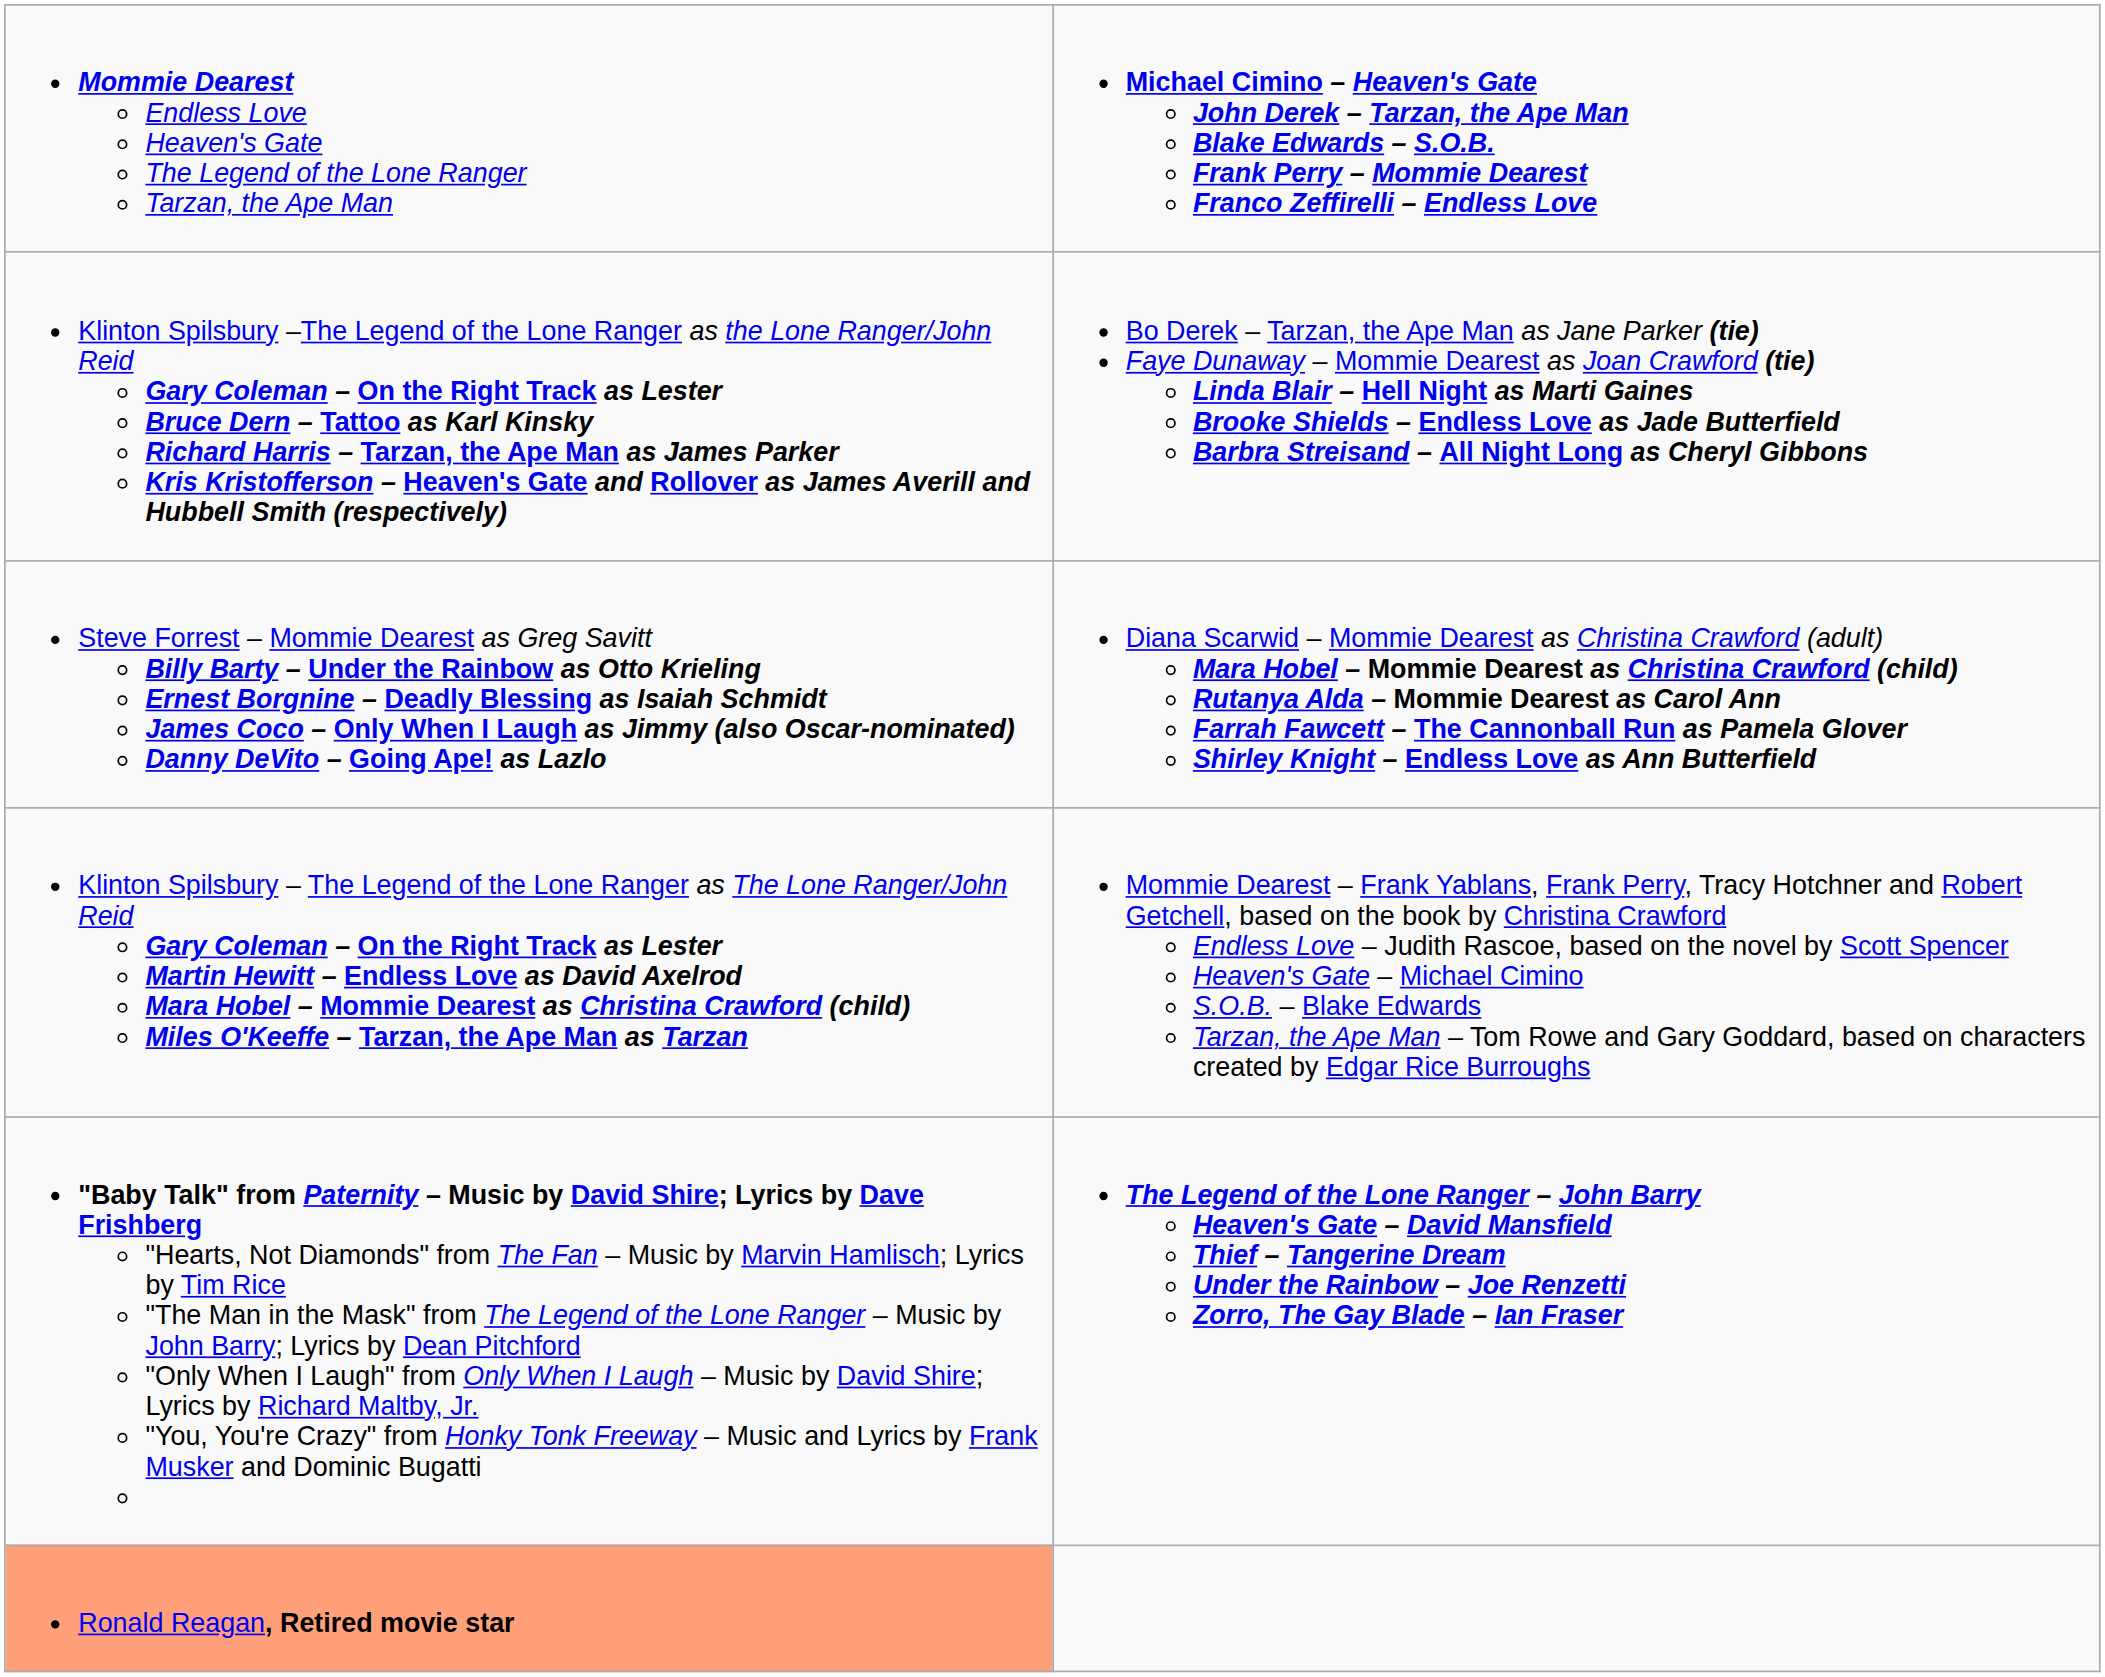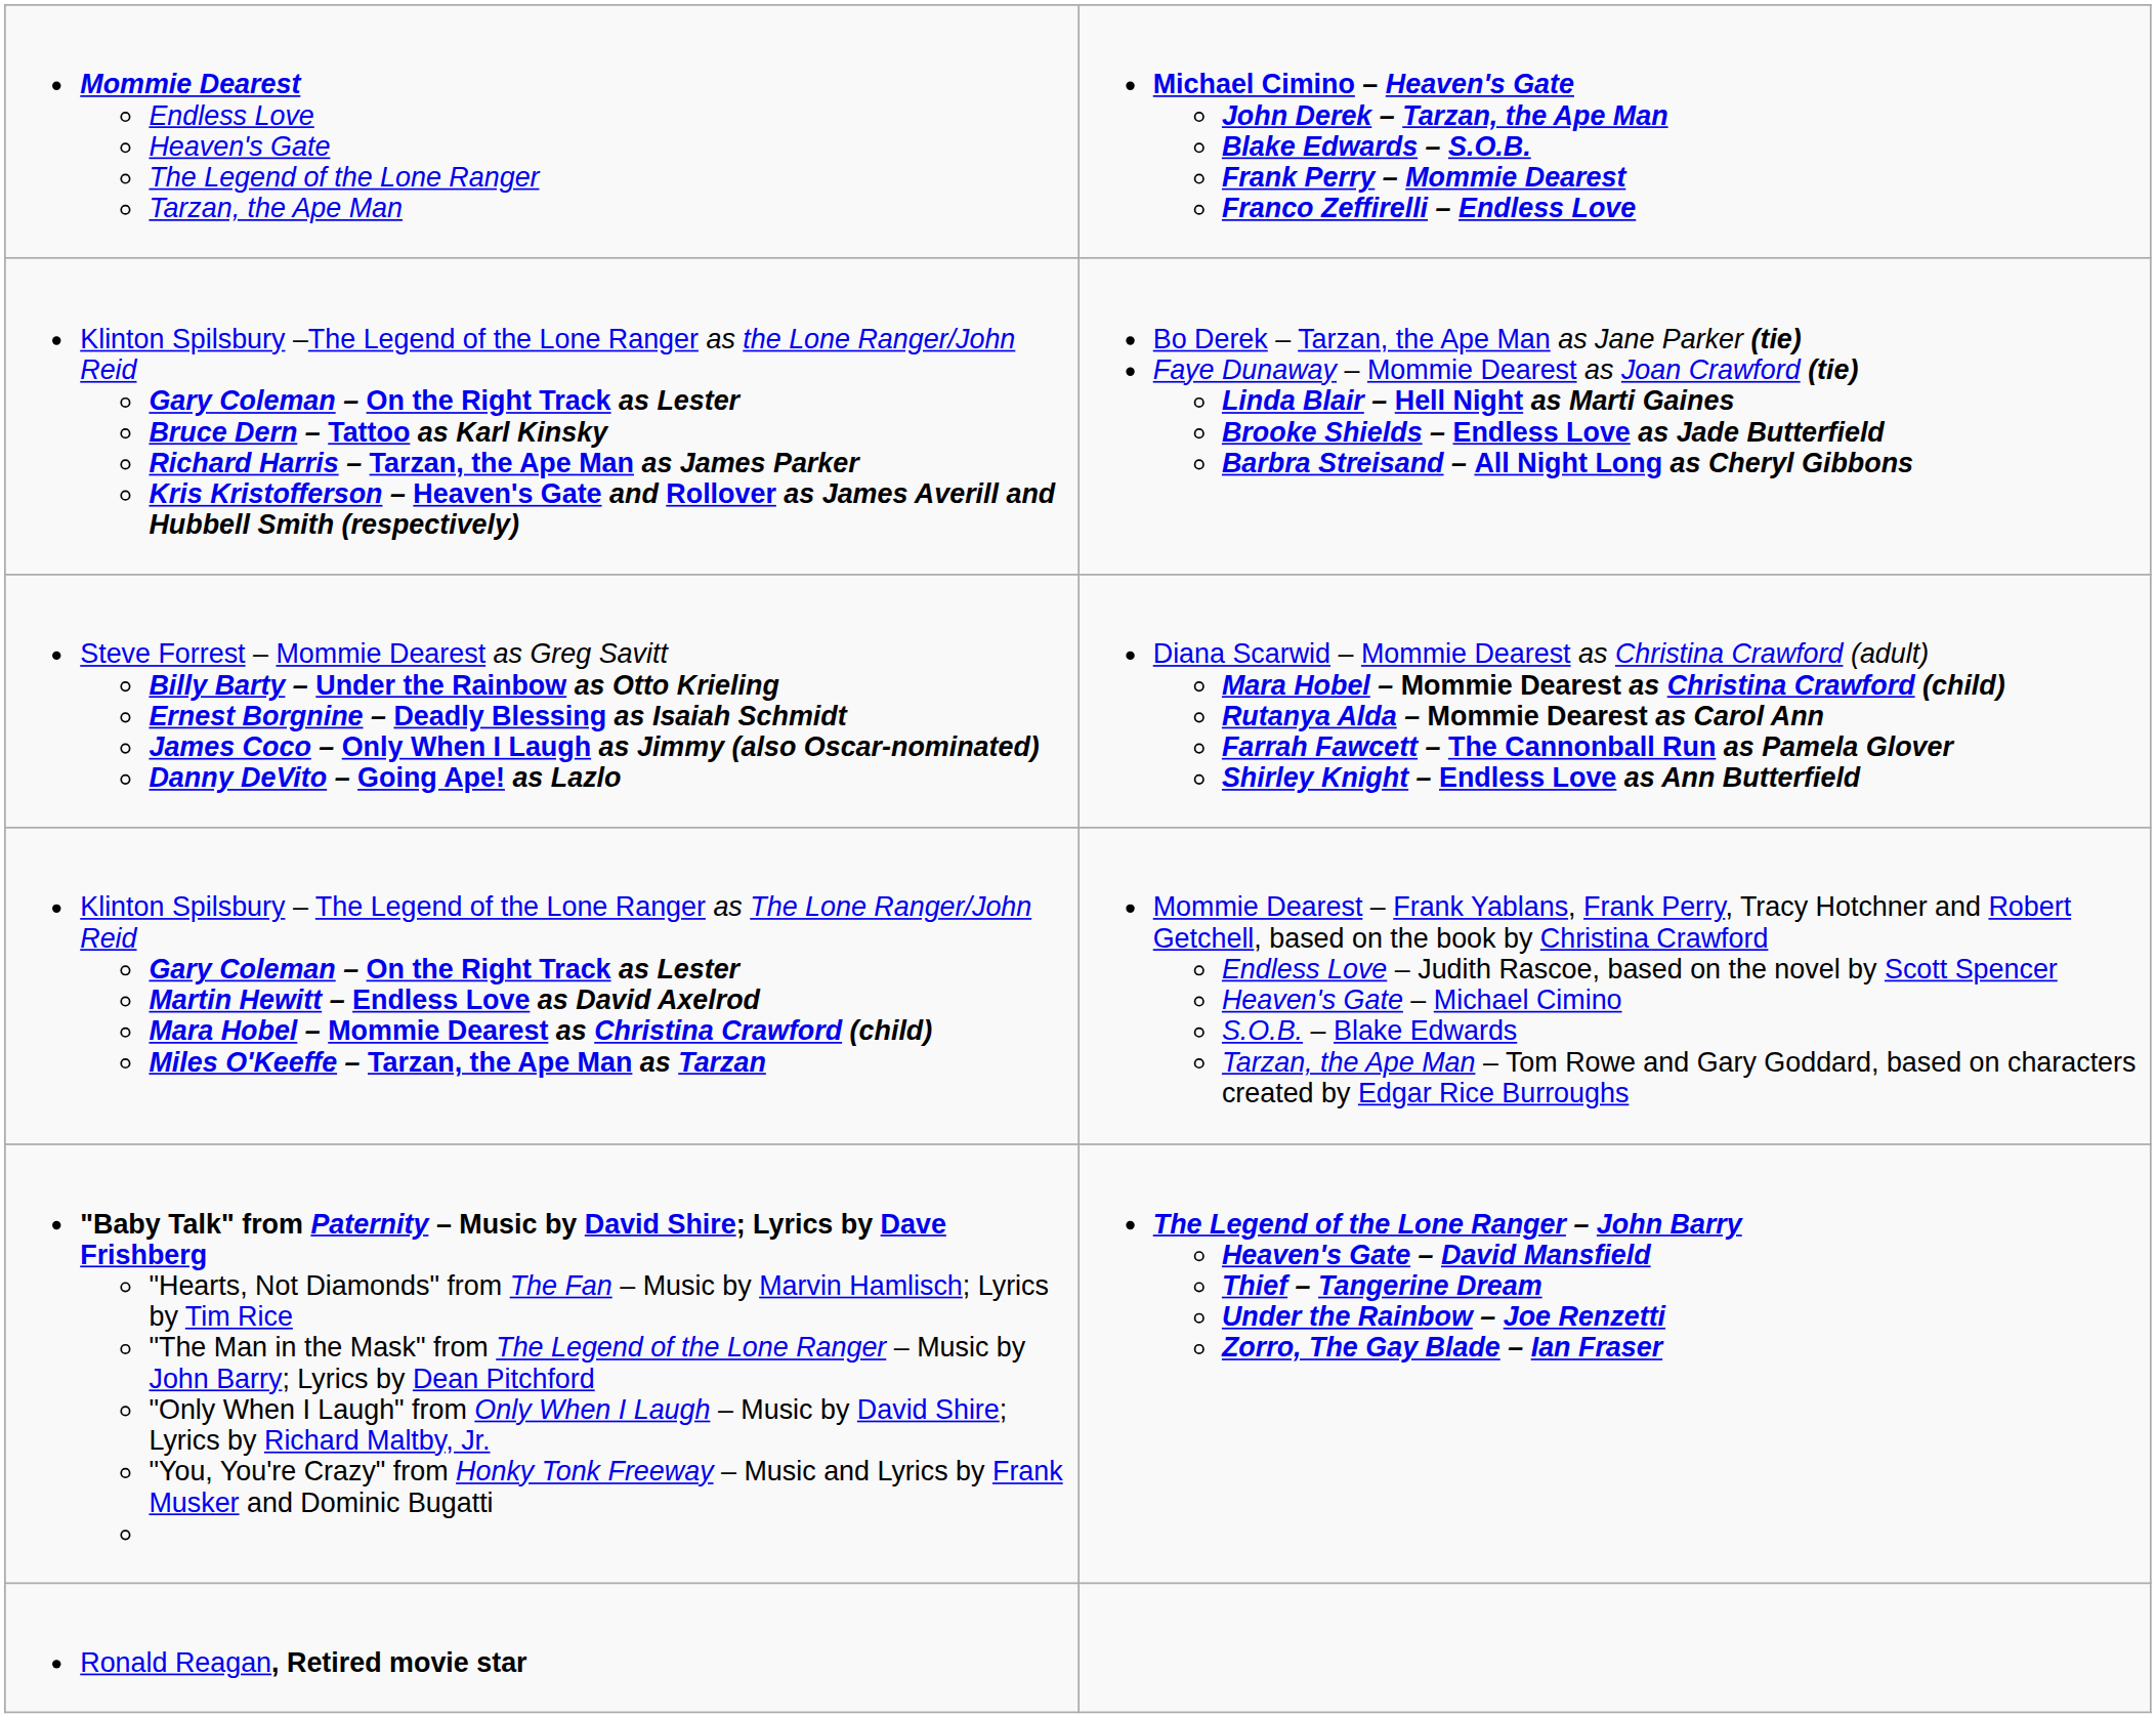 <table class=wikitable>
 <tr>
 <td valign="top" width="50%"><br><ul><li><strong><em><a href='#'>Mommie Dearest</a></em></strong><ul><li><em><a href='#'>Endless Love</a></em></li><li><em><a href='#'>Heaven's Gate</a></em></li><li><em><a href='#'>The Legend of the Lone Ranger</a></em></li><li><em><a href='#'>Tarzan, the Ape Man</a></em></li></ul></li></ul></td>
 <td valign="top" width="50%"><br><ul><li><strong><a href='#'>Michael Cimino</a> – <em><a href='#'>Heaven's Gate</a><strong><em><ul><li><a href='#'>John Derek</a> – </em><a href='#'>Tarzan, the Ape Man</a><em></li><li><a href='#'>Blake Edwards</a> – </em><a href='#'>S.O.B.</a><em></li><li><a href='#'>Frank Perry</a> – </em><a href='#'>Mommie Dearest</a><em></li><li><a href='#'>Franco Zeffirelli</a> – </em><a href='#'>Endless Love</a><em></li></ul></li></ul></td>
 </tr>
 <tr>
 <td valign="top" width="50%"><br><ul><li></strong><a href='#'>Klinton Spilsbury</a> –</em><a href='#'>The Legend of the Lone Ranger</a><em> as <a href='#'>the Lone Ranger/John Reid</a><strong><ul><li><a href='#'>Gary Coleman</a> – </em><a href='#'>On the Right Track</a><em> as Lester</li><li><a href='#'>Bruce Dern</a> – </em><a href='#'>Tattoo</a><em> as Karl Kinsky</li><li><a href='#'>Richard Harris</a> – </em><a href='#'>Tarzan, the Ape Man</a><em> as James Parker</li><li><a href='#'>Kris Kristofferson</a> – </em><a href='#'>Heaven's Gate</a><em> and </em><a href='#'>Rollover</a><em> as James Averill and Hubbell Smith (respectively)</li></ul></li></ul></td>
 <td valign="top" width="50%"><br><ul><li></strong><a href='#'>Bo Derek</a> – </em><a href='#'>Tarzan, the Ape Man</a><em> as Jane Parker<strong> (tie)</li><li></strong><a href='#'>Faye Dunaway</a> – </em><a href='#'>Mommie Dearest</a><em> as <a href='#'>Joan Crawford</a><strong> (tie)<ul><li><a href='#'>Linda Blair</a> – </em><a href='#'>Hell Night</a><em> as Marti Gaines</li><li><a href='#'>Brooke Shields</a> – </em><a href='#'>Endless Love</a><em> as Jade Butterfield</li><li><a href='#'>Barbra Streisand</a> – </em><a href='#'>All Night Long</a><em> as Cheryl Gibbons</li></ul></li></ul></td>
 </tr>
 <tr>
 <td valign="top" width="50%"><br><ul><li></strong><a href='#'>Steve Forrest</a> – </em><a href='#'>Mommie Dearest</a><em> as Greg Savitt<strong><ul><li><a href='#'>Billy Barty</a> – </em><a href='#'>Under the Rainbow</a><em> as Otto Krieling</li><li><a href='#'>Ernest Borgnine</a> – </em><a href='#'>Deadly Blessing</a><em> as Isaiah Schmidt</li><li><a href='#'>James Coco</a> – </em><a href='#'>Only When I Laugh</a><em> as Jimmy (also Oscar-nominated)</li><li><a href='#'>Danny DeVito</a> – </em><a href='#'>Going Ape!</a><em> as Lazlo</li></ul></li></ul></td>
 <td valign="top" width="50%"><br><ul><li></strong><a href='#'>Diana Scarwid</a> – </em><a href='#'>Mommie Dearest</a><em> as <a href='#'>Christina Crawford</a> (adult)<strong><ul><li><a href='#'>Mara Hobel</a> – </em>Mommie Dearest<em> as <a href='#'>Christina Crawford</a> (child)</li><li><a href='#'>Rutanya Alda</a> – </em>Mommie Dearest<em> as Carol Ann</li><li><a href='#'>Farrah Fawcett</a> – </em><a href='#'>The Cannonball Run</a><em> as Pamela Glover</li><li><a href='#'>Shirley Knight</a> – </em><a href='#'>Endless Love</a><em> as Ann Butterfield</li></ul></li></ul></td>
 </tr>
 <tr>
 <td valign="top" width="50%"><br><ul><li></strong><a href='#'>Klinton Spilsbury</a> – </em><a href='#'>The Legend of the Lone Ranger</a><em> as <a href='#'>The Lone Ranger/John Reid</a><strong><ul><li><a href='#'>Gary Coleman</a> – </em><a href='#'>On the Right Track</a><em> as Lester</li><li><a href='#'>Martin Hewitt</a> – </em><a href='#'>Endless Love</a><em> as David Axelrod</li><li><a href='#'>Mara Hobel</a> – </em><a href='#'>Mommie Dearest</a><em> as <a href='#'>Christina Crawford</a> (child)</li><li><a href='#'>Miles O'Keeffe</a> – </em><a href='#'>Tarzan, the Ape Man</a><em> as <a href='#'>Tarzan</a></li></ul></li></ul></td>
 <td valign="top" width="50%"><br><ul><li></em></strong><a href='#'>Mommie Dearest</a></em> – <a href='#'>Frank Yablans</a>, <a href='#'>Frank Perry</a>, Tracy Hotchner and <a href='#'>Robert Getchell</a>, based on the book by <a href='#'>Christina Crawford</a></strong><ul><li><em><a href='#'>Endless Love</a></em> – Judith Rascoe, based on the novel by <a href='#'>Scott Spencer</a></li><li><em><a href='#'>Heaven's Gate</a></em> – <a href='#'>Michael Cimino</a></li><li><em><a href='#'>S.O.B.</a></em> – <a href='#'>Blake Edwards</a></li><li><em><a href='#'>Tarzan, the Ape Man</a></em> – Tom Rowe and Gary Goddard, based on characters created by <a href='#'>Edgar Rice Burroughs</a></li></ul></li></ul></td>
 </tr>
 <tr>
 <td valign="top" width="50%"><br><ul><li><strong>"Baby Talk" from <em><a href='#'>Paternity</a></em> – Music by <a href='#'>David Shire</a>; Lyrics by <a href='#'>Dave Frishberg</a></strong><ul><li>"Hearts, Not Diamonds" from <em><a href='#'>The Fan</a></em> – Music by <a href='#'>Marvin Hamlisch</a>; Lyrics by <a href='#'>Tim Rice</a></li><li>"The Man in the Mask" from <em><a href='#'>The Legend of the Lone Ranger</a></em> – Music by <a href='#'>John Barry</a>; Lyrics by <a href='#'>Dean Pitchford</a></li><li>"Only When I Laugh" from <em><a href='#'>Only When I Laugh</a></em> – Music by <a href='#'>David Shire</a>; Lyrics by <a href='#'>Richard Maltby, Jr.</a></li><li>"You, You're Crazy" from <em><a href='#'>Honky Tonk Freeway</a></em> – Music and Lyrics by <a href='#'>Frank Musker</a> and Dominic Bugatti</li><li></li></ul></li></ul></td>
 <td valign="top" width="50%"><br><ul><li><strong><em><a href='#'>The Legend of the Lone Ranger</a><em> – <a href='#'>John Barry</a><strong><ul><li></em><a href='#'>Heaven's Gate</a><em> – <a href='#'>David Mansfield</a></li><li></em><a href='#'>Thief</a><em> – <a href='#'>Tangerine Dream</a></li><li></em><a href='#'>Under the Rainbow</a><em> – <a href='#'>Joe Renzetti</a></li><li></em><a href='#'>Zorro, The Gay Blade</a><em> – <a href='#'>Ian Fraser</a></li></ul></li></ul></td>
 </tr>
 <tr>
-<td style="background: lightsalmon;"><br><ul><li></strong><a href='#'>Ronald Reagan</a><strong>, Retired movie star </li></ul></td>
+<td><br><ul><li></strong><a href='#'>Ronald Reagan</a><strong>, Retired movie star </li></ul></td>
 <td></td>
 </tr>
 </table>
